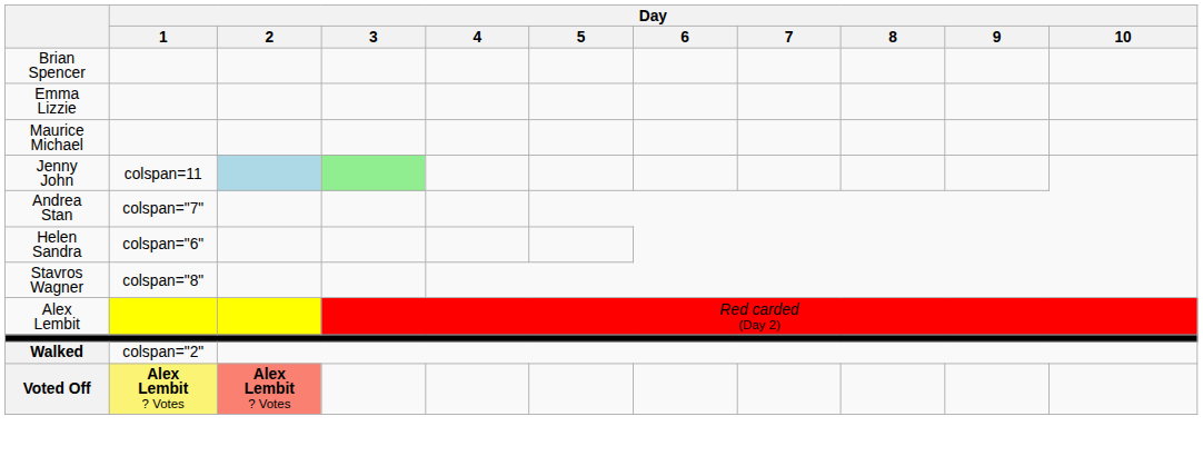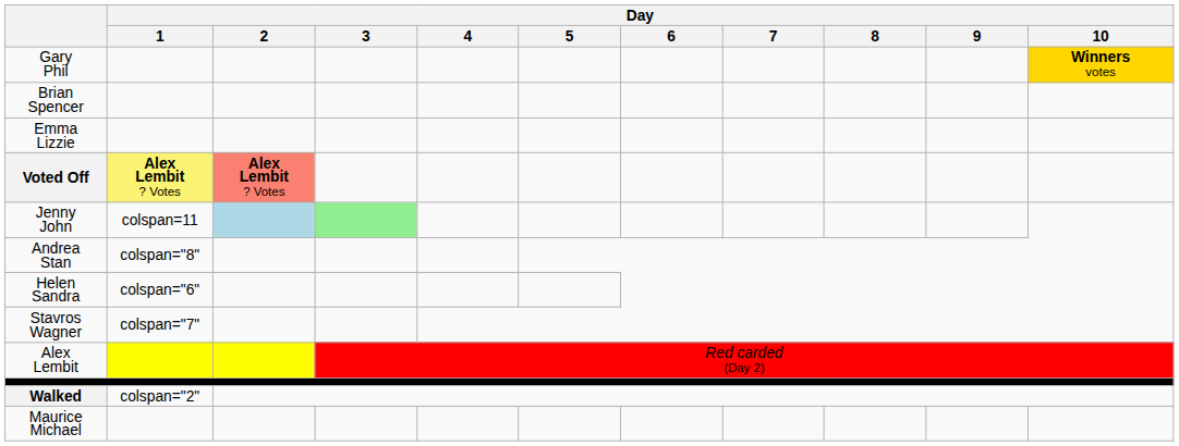 <table class="wikitable" style="text-align:center; font-size:100%; line-height:15px;">
 <tr>
 <th style="width: 7%;" rowspan="2"></th>
 <th colspan="10">Day</th>
 </tr>
 <tr>
 <th style="width: 7%;">1</th>
 <th style="width: 7%;">2</th>
 <th style="width: 7%;">3</th>
 <th style="width: 7%;">4</th>
 <th style="width: 7%;">5</th>
 <th style="width: 7%;">6</th>
 <th style="width: 7%;">7</th>
 <th style="width: 7%;">8</th>
 <th style="width: 7%;">9</th>
 <th style="width: 10%;">10</th>
+</tr>
+<tr>
+<td>Gary<br>Phil</td>
+<td></td>
+<td></td>
+<td></td>
+<td></td>
+<td></td>
+<td></td>
+<td></td>
+<td></td>
+<td></td>
+<td bgcolor="gold"><strong>Winners</strong><br><small> votes</small></td>
 </tr>
 <tr>
 <td>Brian<br>Spencer</td>
 <td></td>
 <td></td>
 <td></td>
 <td></td>
 <td></td>
 <td></td>
 <td></td>
 <td></td>
 <td></td>
 <td></td>
 </tr>
 <tr>
 <td>Emma<br>Lizzie</td>
 <td></td>
 <td></td>
 <td></td>
 <td></td>
 <td></td>
 <td></td>
 <td></td>
 <td></td>
 <td></td>
 <td></td>
 </tr>
 <tr>
-<td>Maurice<br>Michael</td>
-<td></td>
-<td></td>
+<th>Voted Off</th>
+<td style="background:#fbf373;"><strong>Alex<br>Lembit</strong><br><small>? Votes</small></td>
+<td style="background:#fa8072;"><strong>Alex<br>Lembit</strong><br><small>? Votes</small></td>
 <td></td>
 <td></td>
 <td></td>
 <td></td>
 <td></td>
 <td></td>
 <td></td>
 <td></td>
 </tr>
 <tr>
 <td>Jenny<br>John</td>
 <td>colspan=11 </td>
 <td style="background:lightblue;"></td>
 <td style="background:lightgreen;"></td>
 <td></td>
 <td></td>
 <td></td>
 <td></td>
 <td></td>
 <td></td>
 </tr>
 <tr>
 <td>Andrea<br>Stan</td>
-<td>colspan="7" </td>
+<td>colspan="8" </td>
 <td></td>
 <td></td>
 <td></td>
 </tr>
 <tr>
 <td>Helen<br>Sandra</td>
 <td>colspan="6" </td>
 <td></td>
 <td></td>
 <td></td>
 <td></td>
 </tr>
 <tr>
 <td>Stavros<br>Wagner</td>
-<td>colspan="8" </td>
+<td>colspan="7" </td>
 <td></td>
 <td></td>
 </tr>
 <tr>
 <td>Alex<br>Lembit</td>
 <td style="background:yellow;"></td>
 <td style="background:yellow;"></td>
 <td colspan="8" style="background:red;"><em>Red carded</em><br><small>(Day 2)</small></td>
 </tr>
 <tr>
 <th colspan="11" style="background:black;"></th>
 </tr>
 <tr>
 <th>Walked</th>
 <td>colspan="2" </td>
 </tr>
 <tr>
-<th>Voted Off</th>
-<td style="background:#fbf373;"><strong>Alex<br>Lembit</strong><br><small>? Votes</small></td>
-<td style="background:#fa8072;"><strong>Alex<br>Lembit</strong><br><small>? Votes</small></td>
+<td>Maurice<br>Michael</td>
+<td></td>
+<td></td>
 <td></td>
 <td></td>
 <td></td>
 <td></td>
 <td></td>
 <td></td>
 <td></td>
 <td></td>
 </tr>
 </table>
